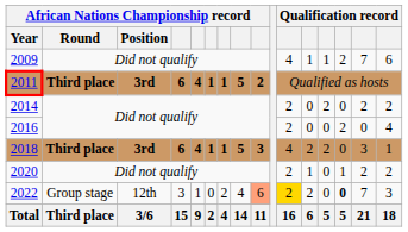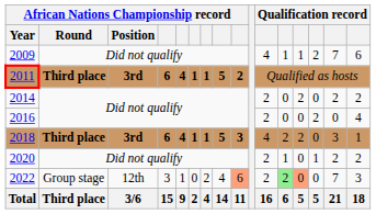 <table class="wikitable" style="text-align: center;">
 <tr>
 <th colspan=9><a href='#'>African Nations Championship</a> record</th>
 <th rowspan="38"></th>
 <th colspan=6>Qualification record</th>
 </tr>
 <tr>
 <th>Year</th>
 <th>Round</th>
 <th>Position</th>
 <th></th>
 <th></th>
 <th></th>
 <th></th>
 <th></th>
 <th></th>
 <th></th>
 <th></th>
 <th></th>
 <th></th>
 <th></th>
 <th></th>
 </tr>
 <tr>
 <td> <a href='#'>2009</a></td>
 <td colspan=8><em>Did not qualify</em></td>
 <td>4</td>
 <td>1</td>
 <td>1</td>
 <td>2</td>
 <td>7</td>
 <td>6</td>
 </tr>
 <tr style="background:#c96;">
 <td style="border: 3px solid red"> <a href='#'>2011</a></td>
 <td><strong>Third place</strong></td>
 <td><strong>3rd</strong></td>
 <td><strong>6</strong></td>
 <td><strong>4</strong></td>
 <td><strong>1</strong></td>
 <td><strong>1</strong></td>
 <td><strong>5</strong></td>
 <td><strong>2</strong></td>
 <td colspan=6><em>Qualified as hosts</em></td>
 </tr>
 <tr>
 <td> <a href='#'>2014</a></td>
 <td colspan=8 rowspan=2><em>Did not qualify</em></td>
 <td>2</td>
 <td>0</td>
 <td>2</td>
 <td>0</td>
 <td>2</td>
 <td>2</td>
 </tr>
 <tr>
 <td> <a href='#'>2016</a></td>
 <td>2</td>
 <td>0</td>
 <td>0</td>
 <td>2</td>
 <td>0</td>
 <td>4</td>
 </tr>
 <tr style="background:#c96;">
 <td> <a href='#'>2018</a></td>
 <td><strong>Third place</strong></td>
 <td><strong>3rd</strong></td>
 <td><strong>6</strong></td>
 <td><strong>4</strong></td>
 <td><strong>1</strong></td>
 <td><strong>1</strong></td>
 <td><strong>5</strong></td>
 <td><strong>3</strong></td>
 <td>4</td>
 <td>2</td>
 <td>2</td>
 <td>0</td>
 <td>3</td>
 <td>1</td>
 </tr>
 <tr>
 <td> <a href='#'>2020</a></td>
 <td colspan=8><em>Did not qualify</em></td>
 <td>2</td>
 <td>1</td>
 <td>0</td>
 <td>1</td>
 <td>2</td>
 <td>2</td>
 </tr>
 <tr>
 <td> <a href='#'>2022</a></td>
 <td>Group stage</td>
 <td>12th</td>
 <td>3</td>
 <td>1</td>
 <td>0</td>
 <td>2</td>
 <td>4</td>
 <td style="background: lightsalmon;">6</td>
-<td style="background: gold;">2</td>
 <td>2</td>
+<td style="background: lightgreen;">2</td>
+<td style="background: lightsalmon;">0</td>
 <td>0</td>
-<td><strong>0</strong></td>
 <td>7</td>
 <td>3</td>
 </tr>
 <tr>
 <th>Total</th>
 <th>Third place</th>
 <th>3/6</th>
 <th>15</th>
 <th>9</th>
 <th>2</th>
 <th>4</th>
 <th>14</th>
 <th>11</th>
 <th>16</th>
 <th>6</th>
 <th>5</th>
 <th>5</th>
 <th>21</th>
 <th>18</th>
 </tr>
 </table>
